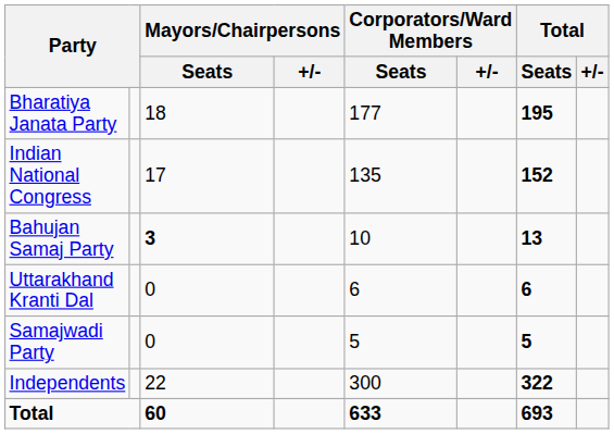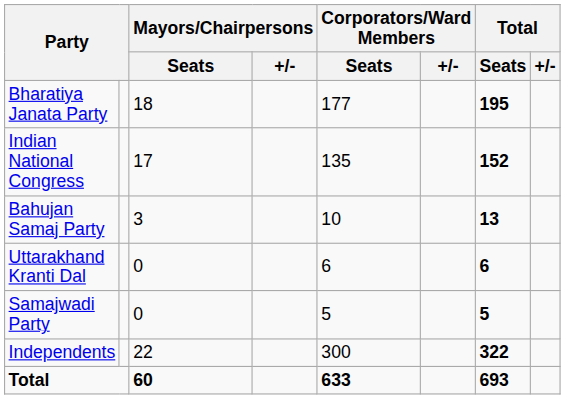 <table width="40%" cellpadding="2" cellspacing="0" border="1" style="border-collapse: collapse; border: 2px black; font-size: x-big; font-family: arial" class="wikitable sortable">
 <tr>
 <th rowspan=2; colspan=2>Party</th>
 <th colspan=2>Mayors/Chairpersons</th>
 <th colspan=2>Corporators/Ward Members</th>
 <th colspan=2>Total</th>
 </tr>
 <tr>
 <th>Seats</th>
 <th>+/-</th>
 <th>Seats</th>
 <th>+/-</th>
 <th>Seats</th>
 <th>+/-</th>
 </tr>
 <tr>
 <td><a href='#'>Bharatiya Janata Party</a></td>
 <td width="4px" style="background-color: "></td>
 <td>18</td>
 <td></td>
 <td>177</td>
 <td></td>
 <td><strong>195</strong></td>
 <td></td>
 </tr>
 <tr>
 <td><a href='#'>Indian National Congress</a></td>
 <td width="4px" style="background-color: "></td>
 <td>17</td>
 <td></td>
 <td>135</td>
 <td></td>
 <td><strong>152</strong></td>
 <td></td>
 </tr>
 <tr>
 <td><a href='#'>Bahujan Samaj Party</a></td>
 <td width="4px" style="background-color: "></td>
-<td><strong>3</strong></td>
+<td>3</td>
 <td></td>
 <td>10</td>
 <td></td>
 <td><strong>13</strong></td>
 <td></td>
 </tr>
 <tr>
 <td><a href='#'>Uttarakhand Kranti Dal</a></td>
 <td width="4px" style="background-color: "></td>
 <td>0</td>
 <td></td>
 <td>6</td>
 <td></td>
 <td><strong>6</strong></td>
 <td></td>
 </tr>
 <tr>
 <td><a href='#'>Samajwadi Party</a></td>
 <td width="4px" style="background-color: "></td>
 <td>0</td>
 <td></td>
 <td>5</td>
 <td></td>
 <td><strong>5</strong></td>
 <td></td>
 </tr>
 <tr>
 <td><a href='#'>Independents</a></td>
 <td width="4px" style="background-color: "></td>
 <td>22</td>
 <td></td>
 <td>300</td>
 <td></td>
 <td><strong>322</strong></td>
 <td></td>
 </tr>
 <tr>
 <td colspan=2><strong>Total</strong></td>
 <td><strong>60</strong></td>
 <td></td>
 <td><strong>633</strong></td>
 <td></td>
 <td><strong>693</strong></td>
 <td></td>
 </tr>
 </table>
